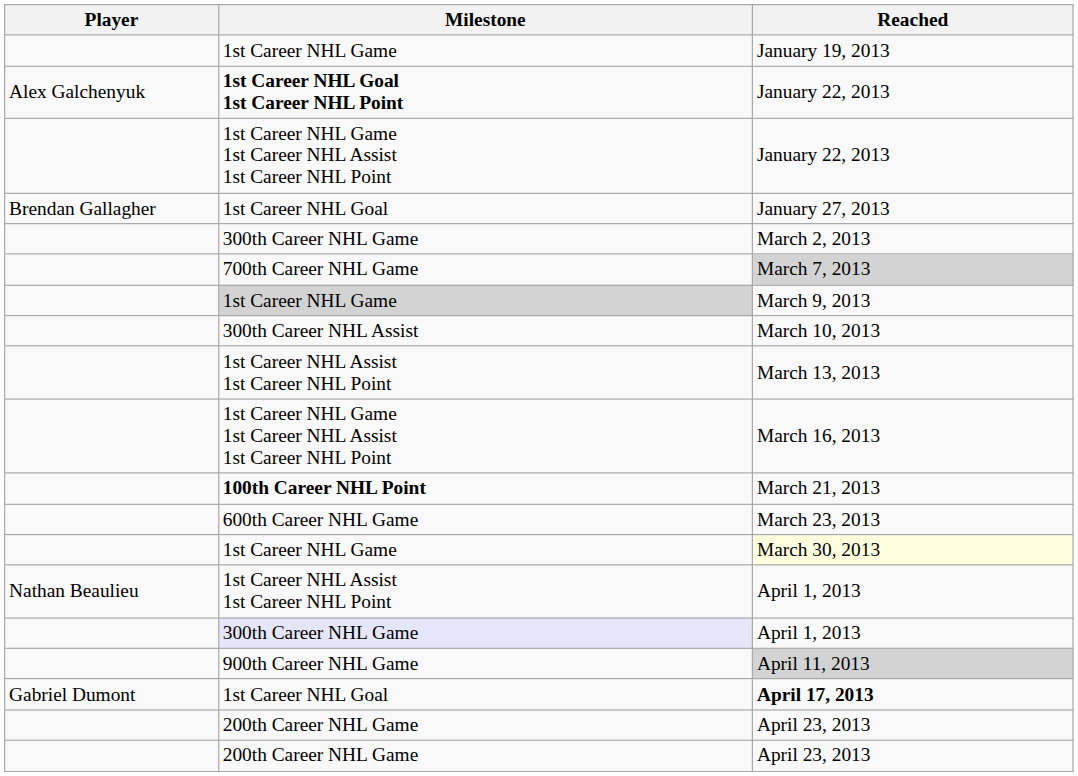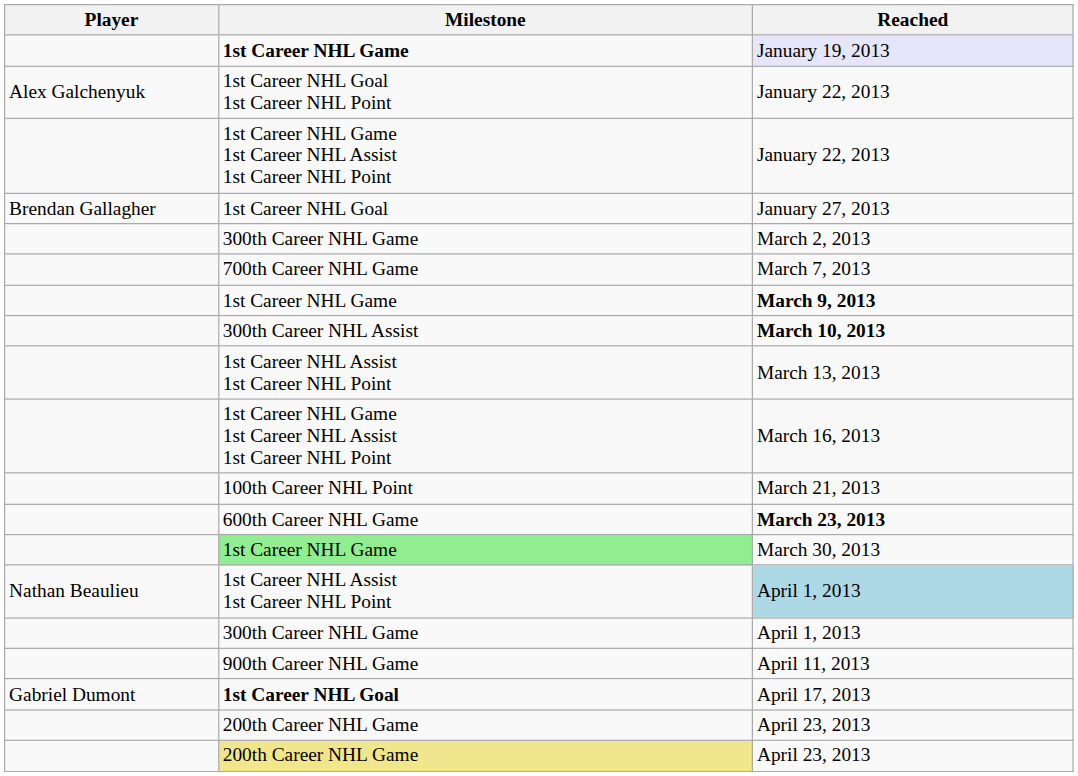 <table class="wikitable sortable" style="width:100%;">
 <tr align=center>
 <th style="width:20%;">Player</th>
 <th style="width:50%;">Milestone</th>
 <th style="width:30%;" data-sort-type="date">Reached</th>
 </tr>
 <tr>
 <td></td>
-<td>1st Career NHL Game</td>
-<td>January 19, 2013</td>
+<td><strong>1st Career NHL Game</strong></td>
+<td style="background: lavender;">January 19, 2013</td>
 </tr>
 <tr>
 <td>Alex Galchenyuk</td>
-<td><strong>1st Career NHL Goal<br>1st Career NHL Point</strong></td>
+<td>1st Career NHL Goal<br>1st Career NHL Point</td>
 <td>January 22, 2013</td>
 </tr>
 <tr>
 <td></td>
 <td>1st Career NHL Game<br>1st Career NHL Assist<br>1st Career NHL Point</td>
 <td>January 22, 2013</td>
 </tr>
 <tr>
 <td>Brendan Gallagher</td>
 <td>1st Career NHL Goal</td>
 <td>January 27, 2013</td>
 </tr>
 <tr>
 <td></td>
 <td>300th Career NHL Game</td>
 <td>March 2, 2013</td>
 </tr>
 <tr>
 <td></td>
 <td>700th Career NHL Game</td>
-<td style="background: lightgrey;">March 7, 2013</td>
+<td>March 7, 2013</td>
 </tr>
 <tr>
 <td></td>
-<td style="background: lightgrey;">1st Career NHL Game</td>
-<td>March 9, 2013</td>
+<td>1st Career NHL Game</td>
+<td><strong>March 9, 2013</strong></td>
 </tr>
 <tr>
 <td></td>
 <td>300th Career NHL Assist</td>
-<td>March 10, 2013</td>
+<td><strong>March 10, 2013</strong></td>
 </tr>
 <tr>
 <td></td>
 <td>1st Career NHL Assist<br>1st Career NHL Point</td>
 <td>March 13, 2013</td>
 </tr>
 <tr>
 <td></td>
 <td>1st Career NHL Game<br>1st Career NHL Assist<br>1st Career NHL Point</td>
 <td>March 16, 2013</td>
 </tr>
 <tr>
 <td></td>
-<td><strong>100th Career NHL Point</strong></td>
+<td>100th Career NHL Point</td>
 <td>March 21, 2013</td>
 </tr>
 <tr>
 <td></td>
 <td>600th Career NHL Game</td>
-<td>March 23, 2013</td>
+<td><strong>March 23, 2013</strong></td>
 </tr>
 <tr>
 <td></td>
-<td>1st Career NHL Game</td>
-<td style="background: lightyellow;">March 30, 2013</td>
+<td style="background: lightgreen;">1st Career NHL Game</td>
+<td>March 30, 2013</td>
 </tr>
 <tr>
 <td>Nathan Beaulieu</td>
 <td>1st Career NHL Assist<br>1st Career NHL Point</td>
-<td>April 1, 2013</td>
+<td style="background: lightblue;">April 1, 2013</td>
 </tr>
 <tr>
 <td></td>
-<td style="background: lavender;">300th Career NHL Game</td>
+<td>300th Career NHL Game</td>
 <td>April 1, 2013</td>
 </tr>
 <tr>
 <td></td>
 <td>900th Career NHL Game</td>
-<td style="background: lightgrey;">April 11, 2013</td>
+<td>April 11, 2013</td>
 </tr>
 <tr>
 <td>Gabriel Dumont</td>
-<td>1st Career NHL Goal</td>
-<td><strong>April 17, 2013</strong></td>
+<td><strong>1st Career NHL Goal</strong></td>
+<td>April 17, 2013</td>
 </tr>
 <tr>
 <td></td>
 <td>200th Career NHL Game</td>
 <td>April 23, 2013</td>
 </tr>
 <tr>
 <td></td>
-<td>200th Career NHL Game</td>
+<td style="background: khaki;">200th Career NHL Game</td>
 <td>April 23, 2013</td>
 </tr>
 <tr>
 </tr>
 </table>
